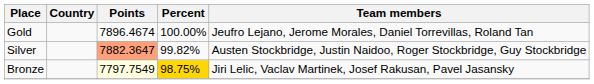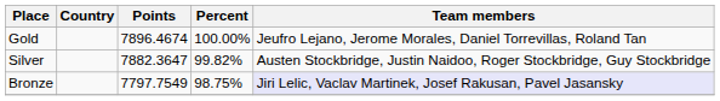 <table class="wikitable sortable" style="text-align: left;">
 <tr>
 <th>Place</th>
 <th>Country</th>
 <th>Points</th>
 <th>Percent</th>
 <th>Team members</th>
 </tr>
 <tr>
 <td> Gold</td>
 <td></td>
 <td>7896.4674</td>
 <td>100.00%</td>
 <td>Jeufro Lejano,  Jerome Morales, Daniel Torrevillas, Roland Tan</td>
 </tr>
 <tr>
 <td> Silver</td>
 <td></td>
-<td style="background: lightsalmon;">7882.3647</td>
+<td>7882.3647</td>
 <td>99.82%</td>
 <td>Austen Stockbridge, Justin Naidoo, Roger Stockbridge, Guy Stockbridge</td>
 </tr>
 <tr>
 <td> Bronze</td>
 <td></td>
-<td style="background: lightyellow;">7797.7549</td>
-<td style="background: gold;">98.75%</td>
-<td>Jiri Lelic, Vaclav Martinek, Josef Rakusan, Pavel Jasansky</td>
+<td>7797.7549</td>
+<td>98.75%</td>
+<td style="background: lavender;">Jiri Lelic, Vaclav Martinek, Josef Rakusan, Pavel Jasansky</td>
 </tr>
 <tr>
 </tr>
 </table>
